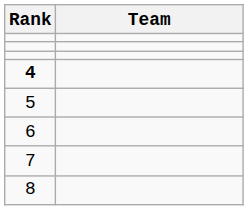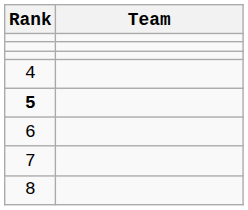 <table class="wikitable sortable">
 <tr>
 <th>Rank</th>
 <th style="width:10em">Team</th>
 </tr>
 <tr>
 <td align="center"></td>
 <td></td>
 </tr>
 <tr>
 <td align="center"></td>
 <td></td>
 </tr>
 <tr>
 <td align="center"></td>
 <td></td>
 </tr>
 <tr>
-<td align="center"><strong>4</strong></td>
+<td align="center">4</td>
 <td></td>
 </tr>
 <tr>
-<td align="center">5</td>
+<td align="center"><strong>5</strong></td>
 <td></td>
 </tr>
 <tr>
 <td align="center">6</td>
 <td></td>
 </tr>
 <tr>
 <td align="center">7</td>
 <td></td>
 </tr>
 <tr>
 <td align="center">8</td>
 <td></td>
 </tr>
 </table>
